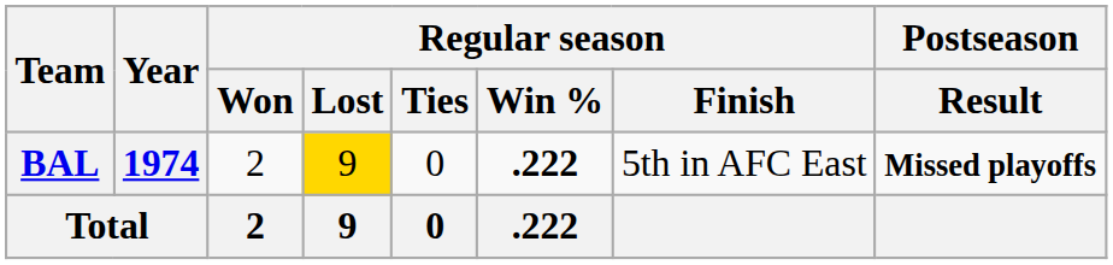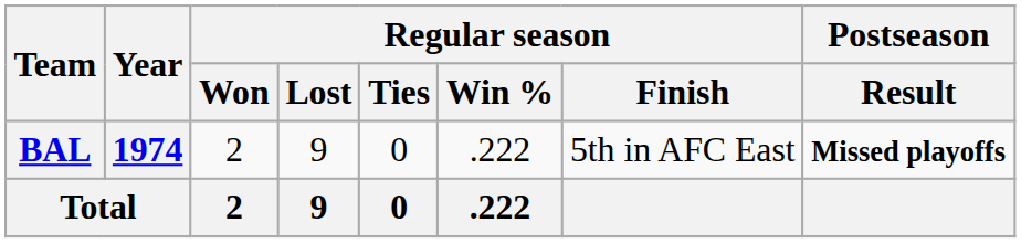 <table class="wikitable" style="font-size: 95%; text-align:center;">
 <tr>
 <th rowspan="2">Team</th>
 <th rowspan="2">Year</th>
 <th colspan="5">Regular season</th>
 <th>Postseason</th>
 </tr>
 <tr>
 <th>Won</th>
 <th>Lost</th>
 <th>Ties</th>
 <th>Win %</th>
 <th>Finish</th>
 <th>Result</th>
 </tr>
 <tr>
 <th><a href='#'>BAL</a></th>
 <th><a href='#'>1974</a></th>
 <td>2</td>
-<td style="background: gold;">9</td>
+<td>9</td>
 <td>0</td>
-<td><strong>.222</strong></td>
+<td>.222</td>
 <td>5th in AFC East</td>
 <td><small><strong>Missed playoffs</strong></small></td>
 </tr>
 <tr>
 <th colspan="2">Total</th>
 <th>2</th>
 <th>9</th>
 <th>0</th>
 <th>.222</th>
 <th></th>
 <th></th>
 </tr>
 </table>
